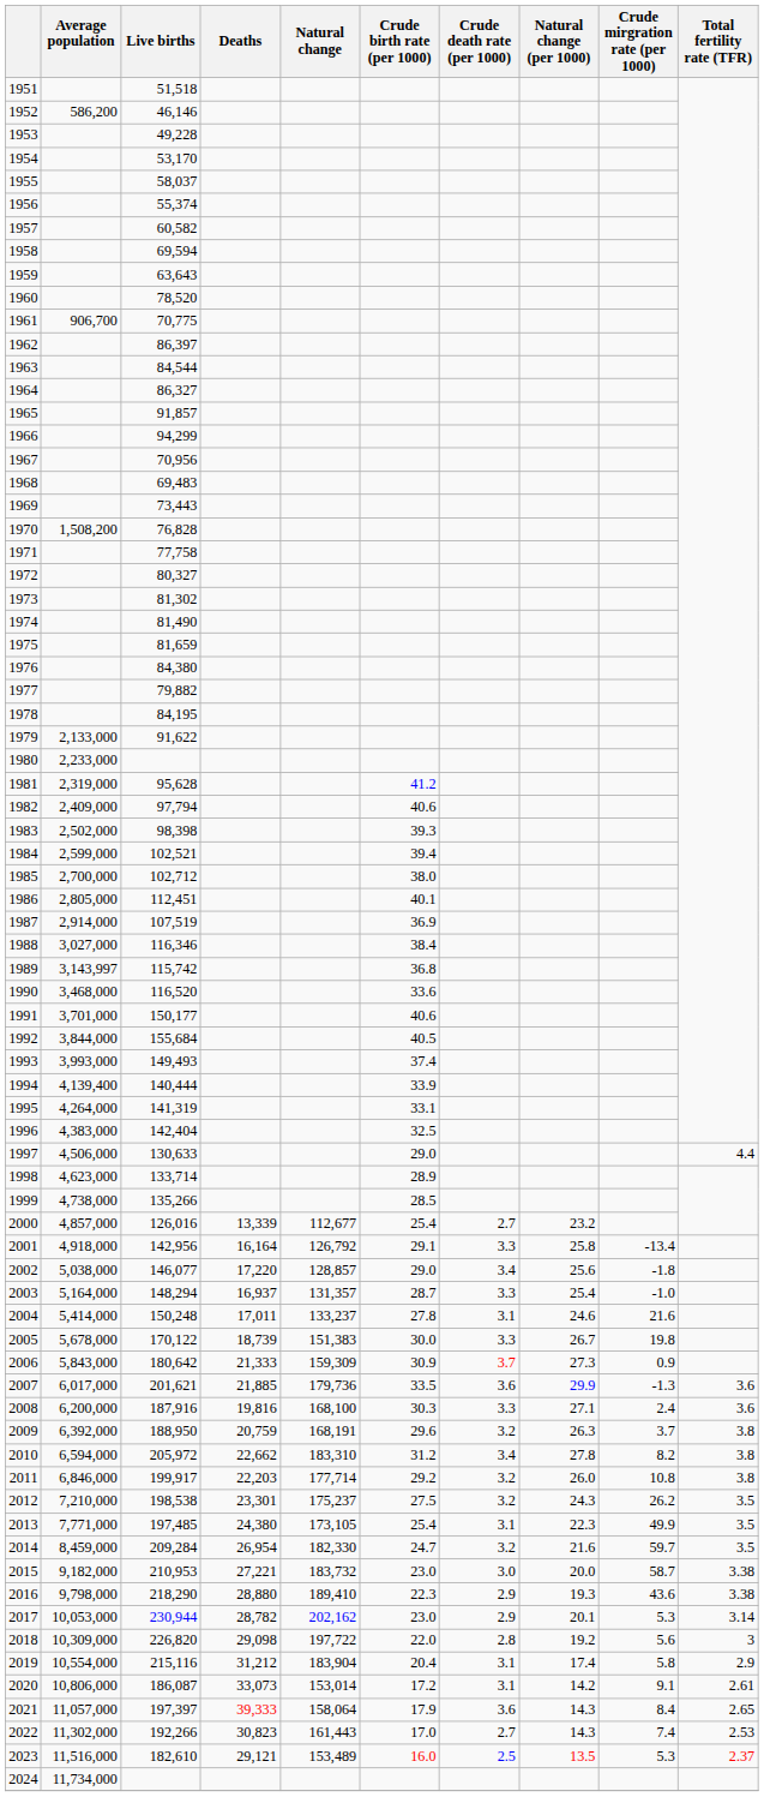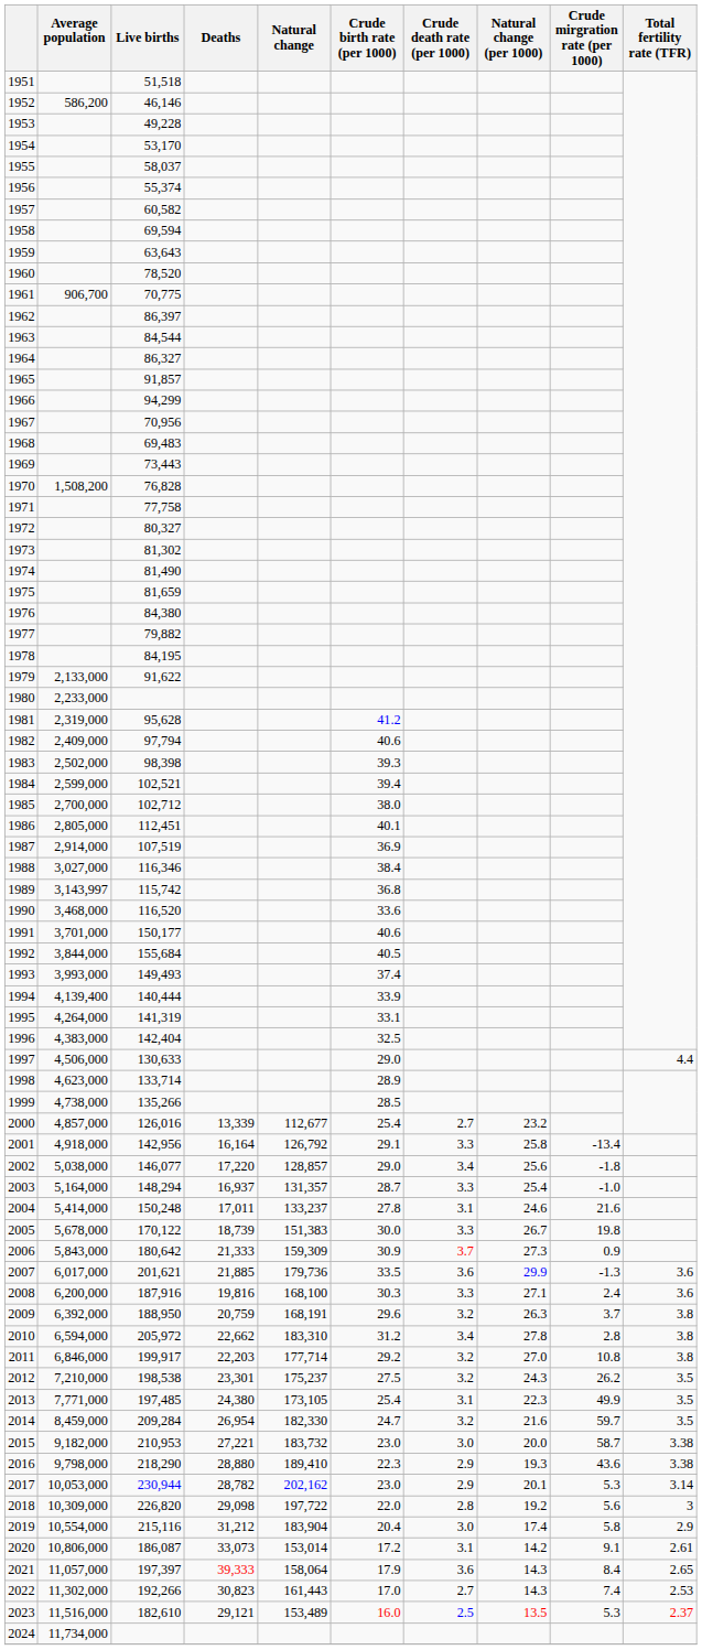 <table class="wikitable sortable" style="text-align:right">
 <tr>
 <th></th>
 <th width="80pt">Average population<br><br></th>
 <th width="80pt">Live births</th>
 <th width="80pt">Deaths</th>
 <th width="80pt">Natural change</th>
 <th width="80pt">Crude birth rate (per 1000)</th>
 <th width="80pt">Crude death rate (per 1000)</th>
 <th width="80pt">Natural change (per 1000)</th>
 <th width="80pt">Crude mirgration rate (per 1000)</th>
 <th width="80pt">Total fertility rate (TFR)</th>
 </tr>
 <tr>
 <td>1951</td>
 <td align="right"></td>
 <td align="right">51,518</td>
 <td align="right"></td>
 <td align="right"></td>
 <td align="right"></td>
 <td align="right"></td>
 <td align="right"></td>
 <td align="right"></td>
 </tr>
 <tr>
 <td>1952</td>
 <td align="right">586,200</td>
 <td align="right">46,146</td>
 <td align="right"></td>
 <td align="right"></td>
 <td align="right"></td>
 <td align="right"></td>
 <td align="right"></td>
 <td align="right"></td>
 </tr>
 <tr>
 <td>1953</td>
 <td align="right"></td>
 <td align="right">49,228</td>
 <td align="right"></td>
 <td align="right"></td>
 <td align="right"></td>
 <td align="right"></td>
 <td align="right"></td>
 <td align="right"></td>
 </tr>
 <tr>
 <td>1954</td>
 <td align="right"></td>
 <td align="right">53,170</td>
 <td align="right"></td>
 <td align="right"></td>
 <td align="right"></td>
 <td align="right"></td>
 <td align="right"></td>
 <td align="right"></td>
 </tr>
 <tr>
 <td>1955</td>
 <td align="right"></td>
 <td align="right">58,037</td>
 <td align="right"></td>
 <td align="right"></td>
 <td align="right"></td>
 <td align="right"></td>
 <td align="right"></td>
 <td align="right"></td>
 </tr>
 <tr>
 <td>1956</td>
 <td align="right"></td>
 <td align="right">55,374</td>
 <td align="right"></td>
 <td align="right"></td>
 <td align="right"></td>
 <td align="right"></td>
 <td align="right"></td>
 <td align="right"></td>
 </tr>
 <tr>
 <td>1957</td>
 <td align="right"></td>
 <td align="right">60,582</td>
 <td align="right"></td>
 <td align="right"></td>
 <td align="right"></td>
 <td align="right"></td>
 <td align="right"></td>
 <td align="right"></td>
 </tr>
 <tr>
 <td>1958</td>
 <td align="right"></td>
 <td align="right">69,594</td>
 <td align="right"></td>
 <td align="right"></td>
 <td align="right"></td>
 <td align="right"></td>
 <td align="right"></td>
 <td align="right"></td>
 </tr>
 <tr>
 <td>1959</td>
 <td align="right"></td>
 <td align="right">63,643</td>
 <td align="right"></td>
 <td align="right"></td>
 <td align="right"></td>
 <td align="right"></td>
 <td align="right"></td>
 <td align="right"></td>
 </tr>
 <tr>
 <td>1960</td>
 <td align="right"></td>
 <td align="right">78,520</td>
 <td align="right"></td>
 <td align="right"></td>
 <td align="right"></td>
 <td align="right"></td>
 <td align="right"></td>
 <td align="right"></td>
 </tr>
 <tr>
 <td>1961</td>
 <td align="right">906,700</td>
 <td align="right">70,775</td>
 <td align="right"></td>
 <td align="right"></td>
 <td align="right"></td>
 <td align="right"></td>
 <td align="right"></td>
 <td align="right"></td>
 </tr>
 <tr>
 <td>1962</td>
 <td align="right"></td>
 <td align="right">86,397</td>
 <td align="right"></td>
 <td align="right"></td>
 <td align="right"></td>
 <td align="right"></td>
 <td align="right"></td>
 <td align="right"></td>
 </tr>
 <tr>
 <td>1963</td>
 <td align="right"></td>
 <td align="right">84,544</td>
 <td align="right"></td>
 <td align="right"></td>
 <td align="right"></td>
 <td align="right"></td>
 <td align="right"></td>
 <td align="right"></td>
 </tr>
 <tr>
 <td>1964</td>
 <td align="right"></td>
 <td align="right">86,327</td>
 <td align="right"></td>
 <td align="right"></td>
 <td align="right"></td>
 <td align="right"></td>
 <td align="right"></td>
 <td align="right"></td>
 </tr>
 <tr>
 <td>1965</td>
 <td align="right"></td>
 <td align="right">91,857</td>
 <td align="right"></td>
 <td align="right"></td>
 <td align="right"></td>
 <td align="right"></td>
 <td align="right"></td>
 <td align="right"></td>
 </tr>
 <tr>
 <td>1966</td>
 <td align="right"></td>
 <td align="right">94,299</td>
 <td align="right"></td>
 <td align="right"></td>
 <td align="right"></td>
 <td align="right"></td>
 <td align="right"></td>
 <td align="right"></td>
 </tr>
 <tr>
 <td>1967</td>
 <td align="right"></td>
 <td align="right">70,956</td>
 <td align="right"></td>
 <td align="right"></td>
 <td align="right"></td>
 <td align="right"></td>
 <td align="right"></td>
 <td align="right"></td>
 </tr>
 <tr>
 <td>1968</td>
 <td align="right"></td>
 <td align="right">69,483</td>
 <td align="right"></td>
 <td align="right"></td>
 <td align="right"></td>
 <td align="right"></td>
 <td align="right"></td>
 <td align="right"></td>
 </tr>
 <tr>
 <td>1969</td>
 <td align="right"></td>
 <td align="right">73,443</td>
 <td align="right"></td>
 <td align="right"></td>
 <td align="right"></td>
 <td align="right"></td>
 <td align="right"></td>
 <td align="right"></td>
 </tr>
 <tr>
 <td>1970</td>
 <td align="right">1,508,200</td>
 <td align="right">76,828</td>
 <td align="right"></td>
 <td align="right"></td>
 <td align="right"></td>
 <td align="right"></td>
 <td align="right"></td>
 <td align="right"></td>
 </tr>
 <tr>
 <td>1971</td>
 <td align="right"></td>
 <td align="right">77,758</td>
 <td align="right"></td>
 <td align="right"></td>
 <td align="right"></td>
 <td align="right"></td>
 <td align="right"></td>
 <td align="right"></td>
 </tr>
 <tr>
 <td>1972</td>
 <td align="right"></td>
 <td align="right">80,327</td>
 <td align="right"></td>
 <td align="right"></td>
 <td align="right"></td>
 <td align="right"></td>
 <td align="right"></td>
 <td align="right"></td>
 </tr>
 <tr>
 <td>1973</td>
 <td align="right"></td>
 <td align="right">81,302</td>
 <td align="right"></td>
 <td align="right"></td>
 <td align="right"></td>
 <td align="right"></td>
 <td align="right"></td>
 <td align="right"></td>
 </tr>
 <tr>
 <td>1974</td>
 <td align="right"></td>
 <td align="right">81,490</td>
 <td align="right"></td>
 <td align="right"></td>
 <td align="right"></td>
 <td align="right"></td>
 <td align="right"></td>
 <td align="right"></td>
 </tr>
 <tr>
 <td>1975</td>
 <td align="right"></td>
 <td align="right">81,659</td>
 <td align="right"></td>
 <td align="right"></td>
 <td align="right"></td>
 <td align="right"></td>
 <td align="right"></td>
 <td align="right"></td>
 </tr>
 <tr>
 <td>1976</td>
 <td align="right"></td>
 <td align="right">84,380</td>
 <td align="right"></td>
 <td align="right"></td>
 <td align="right"></td>
 <td align="right"></td>
 <td align="right"></td>
 <td align="right"></td>
 </tr>
 <tr>
 <td>1977</td>
 <td align="right"></td>
 <td align="right">79,882</td>
 <td align="right"></td>
 <td align="right"></td>
 <td align="right"></td>
 <td align="right"></td>
 <td align="right"></td>
 <td align="right"></td>
 </tr>
 <tr>
 <td>1978</td>
 <td align="right"></td>
 <td align="right">84,195</td>
 <td align="right"></td>
 <td align="right"></td>
 <td align="right"></td>
 <td align="right"></td>
 <td align="right"></td>
 <td align="right"></td>
 </tr>
 <tr>
 <td>1979</td>
 <td align="right">2,133,000</td>
 <td align="right">91,622</td>
 <td align="right"></td>
 <td align="right"></td>
 <td align="right"></td>
 <td align="right"></td>
 <td align="right"></td>
 <td align="right"></td>
 </tr>
 <tr>
 <td>1980</td>
 <td align="right">2,233,000</td>
 <td align="right"></td>
 <td align="right"></td>
 <td align="right"></td>
 <td align="right"></td>
 <td align="right"></td>
 <td align="right"></td>
 <td align="right"></td>
 </tr>
 <tr>
 <td>1981</td>
 <td align="right">2,319,000</td>
 <td align="right">95,628</td>
 <td align="right"></td>
 <td align="right"></td>
 <td style="color:blue;">41.2</td>
 <td align="right"></td>
 <td align="right"></td>
 <td align="right"></td>
 </tr>
 <tr>
 <td>1982</td>
 <td align="right">2,409,000</td>
 <td align="right">97,794</td>
 <td align="right"></td>
 <td align="right"></td>
 <td align="right">40.6</td>
 <td align="right"></td>
 <td align="right"></td>
 <td align="right"></td>
 </tr>
 <tr>
 <td>1983</td>
 <td align="right">2,502,000</td>
 <td align="right">98,398</td>
 <td align="right"></td>
 <td align="right"></td>
 <td align="right">39.3</td>
 <td align="right"></td>
 <td align="right"></td>
 <td align="right"></td>
 </tr>
 <tr>
 <td>1984</td>
 <td align="right">2,599,000</td>
 <td align="right">102,521</td>
 <td align="right"></td>
 <td align="right"></td>
 <td align="right">39.4</td>
 <td align="right"></td>
 <td align="right"></td>
 <td align="right"></td>
 </tr>
 <tr>
 <td>1985</td>
 <td align="right">2,700,000</td>
 <td align="right">102,712</td>
 <td align="right"></td>
 <td align="right"></td>
 <td align="right">38.0</td>
 <td align="right"></td>
 <td align="right"></td>
 <td align="right"></td>
 </tr>
 <tr>
 <td>1986</td>
 <td align="right">2,805,000</td>
 <td align="right">112,451</td>
 <td align="right"></td>
 <td align="right"></td>
 <td align="right">40.1</td>
 <td align="right"></td>
 <td align="right"></td>
 <td align="right"></td>
 </tr>
 <tr>
 <td>1987</td>
 <td align="right">2,914,000</td>
 <td align="right">107,519</td>
 <td align="right"></td>
 <td align="right"></td>
 <td align="right">36.9</td>
 <td align="right"></td>
 <td align="right"></td>
 <td align="right"></td>
 </tr>
 <tr>
 <td>1988</td>
 <td align="right">3,027,000</td>
 <td align="right">116,346</td>
 <td align="right"></td>
 <td align="right"></td>
 <td align="right">38.4</td>
 <td align="right"></td>
 <td align="right"></td>
 <td align="right"></td>
 </tr>
 <tr>
 <td>1989</td>
 <td align="right">3,143,997</td>
 <td align="right">115,742</td>
 <td align="right"></td>
 <td align="right"></td>
 <td align="right">36.8</td>
 <td align="right"></td>
 <td align="right"></td>
 <td align="right"></td>
 </tr>
 <tr>
 <td>1990</td>
 <td align="right">3,468,000</td>
 <td align="right">116,520</td>
 <td align="right"></td>
 <td align="right"></td>
 <td align="right">33.6</td>
 <td align="right"></td>
 <td align="right"></td>
 <td align="right"></td>
 </tr>
 <tr>
 <td>1991</td>
 <td align="right">3,701,000</td>
 <td align="right">150,177</td>
 <td align="right"></td>
 <td align="right"></td>
 <td align="right">40.6</td>
 <td align="right"></td>
 <td align="right"></td>
 <td align="right"></td>
 </tr>
 <tr>
 <td>1992</td>
 <td align="right">3,844,000</td>
 <td align="right">155,684</td>
 <td align="right"></td>
 <td align="right"></td>
 <td align="right">40.5</td>
 <td align="right"></td>
 <td align="right"></td>
 <td align="right"></td>
 </tr>
 <tr>
 <td>1993</td>
 <td align="right">3,993,000</td>
 <td align="right">149,493</td>
 <td align="right"></td>
 <td align="right"></td>
 <td align="right">37.4</td>
 <td align="right"></td>
 <td align="right"></td>
 <td align="right"></td>
 </tr>
 <tr>
 <td>1994</td>
 <td align="right">4,139,400</td>
 <td align="right">140,444</td>
 <td align="right"></td>
 <td align="right"></td>
 <td align="right">33.9</td>
 <td align="right"></td>
 <td align="right"></td>
 <td align="right"></td>
 </tr>
 <tr>
 <td>1995</td>
 <td align="right">4,264,000</td>
 <td align="right">141,319</td>
 <td align="right"></td>
 <td align="right"></td>
 <td align="right">33.1</td>
 <td align="right"></td>
 <td align="right"></td>
 <td align="right"></td>
 </tr>
 <tr>
 <td>1996</td>
 <td align="right">4,383,000</td>
 <td align="right">142,404</td>
 <td align="right"></td>
 <td align="right"></td>
 <td align="right">32.5</td>
 <td align="right"></td>
 <td align="right"></td>
 <td align="right"></td>
 </tr>
 <tr>
 <td>1997</td>
 <td align="right">4,506,000</td>
 <td align="right">130,633</td>
 <td align="right"></td>
 <td align="right"></td>
 <td align="right">29.0</td>
 <td align="right"></td>
 <td align="right"></td>
 <td></td>
 <td align="right">4.4</td>
 </tr>
 <tr>
 <td>1998</td>
 <td align="right">4,623,000</td>
 <td align="right">133,714</td>
 <td align="right"></td>
 <td align="right"></td>
 <td align="right">28.9</td>
 <td align="right"></td>
 <td align="right"></td>
 <td align="right"></td>
 </tr>
 <tr>
 <td>1999</td>
 <td align="right">4,738,000</td>
 <td align="right">135,266</td>
 <td align="right"></td>
 <td align="right"></td>
 <td align="right">28.5</td>
 <td align="right"></td>
 <td align="right"></td>
 <td align="right"></td>
 </tr>
 <tr>
 <td>2000</td>
 <td align="right">4,857,000</td>
 <td align="right">126,016</td>
 <td align="right">13,339</td>
 <td align="right">112,677</td>
 <td align="right">25.4</td>
 <td align="right">2.7</td>
 <td align="right">23.2</td>
 <td align="right"></td>
 </tr>
 <tr>
 <td>2001</td>
 <td align="right">4,918,000</td>
 <td align="right">142,956</td>
 <td align="right">16,164</td>
 <td align="right">126,792</td>
 <td align="right">29.1</td>
 <td align="right">3.3</td>
 <td align="right">25.8</td>
 <td>-13.4</td>
 <td align="right"></td>
 </tr>
 <tr>
 <td>2002</td>
 <td align="right">5,038,000</td>
 <td align="right">146,077</td>
 <td align="right">17,220</td>
 <td align="right">128,857</td>
 <td align="right">29.0</td>
 <td align="right">3.4</td>
 <td align="right">25.6</td>
 <td>-1.8</td>
 <td align="right"></td>
 </tr>
 <tr>
 <td>2003</td>
 <td align="right">5,164,000</td>
 <td align="right">148,294</td>
 <td align="right">16,937</td>
 <td align="right">131,357</td>
 <td align="right">28.7</td>
 <td align="right">3.3</td>
 <td align="right">25.4</td>
 <td>-1.0</td>
 <td align="right"></td>
 </tr>
 <tr>
 <td>2004</td>
 <td align="right">5,414,000</td>
 <td align="right">150,248</td>
 <td align="right">17,011</td>
 <td align="right">133,237</td>
 <td align="right">27.8</td>
 <td align="right">3.1</td>
 <td align="right">24.6</td>
 <td>21.6</td>
 <td align="right"></td>
 </tr>
 <tr>
 <td>2005</td>
 <td align="right">5,678,000</td>
 <td align="right">170,122</td>
 <td align="right">18,739</td>
 <td align="right">151,383</td>
 <td align="right">30.0</td>
 <td align="right">3.3</td>
 <td align="right">26.7</td>
 <td>19.8</td>
 <td align="right"></td>
 </tr>
 <tr>
 <td>2006</td>
 <td align="right">5,843,000</td>
 <td align="right">180,642</td>
 <td align="right">21,333</td>
 <td align="right">159,309</td>
 <td align="right">30.9</td>
 <td style="color:red">3.7</td>
 <td align="right">27.3</td>
 <td>0.9</td>
 <td align="right"></td>
 </tr>
 <tr>
 <td>2007</td>
 <td align="right">6,017,000</td>
 <td align="right">201,621</td>
 <td align="right">21,885</td>
 <td align="right">179,736</td>
 <td align="right">33.5</td>
 <td align="right">3.6</td>
 <td style="color:blue">29.9</td>
 <td>-1.3</td>
 <td align="right">3.6</td>
 </tr>
 <tr>
 <td>2008</td>
 <td align="right">6,200,000</td>
 <td align="right">187,916</td>
 <td align="right">19,816</td>
 <td align="right">168,100</td>
 <td align="right">30.3</td>
 <td align="right">3.3</td>
 <td align="right">27.1</td>
 <td>2.4</td>
 <td align="right">3.6</td>
 </tr>
 <tr>
 <td>2009</td>
 <td align="right">6,392,000</td>
 <td align="right">188,950</td>
 <td align="right">20,759</td>
 <td align="right">168,191</td>
 <td align="right">29.6</td>
 <td align="right">3.2</td>
 <td align="right">26.3</td>
 <td>3.7</td>
 <td align="right">3.8</td>
 </tr>
 <tr>
 <td>2010</td>
 <td align="right">6,594,000</td>
 <td align="right">205,972</td>
 <td align="right">22,662</td>
 <td align="right">183,310</td>
 <td align="right">31.2</td>
 <td align="right">3.4</td>
 <td align="right">27.8</td>
-<td>8.2</td>
+<td>2.8</td>
 <td align="right">3.8</td>
 </tr>
 <tr>
 <td>2011</td>
 <td align="right">6,846,000</td>
 <td align="right">199,917</td>
 <td align="right">22,203</td>
 <td align="right">177,714</td>
 <td align="right">29.2</td>
 <td align="right">3.2</td>
-<td align="right">26.0</td>
+<td align="right">27.0</td>
 <td>10.8</td>
 <td align="right">3.8</td>
 </tr>
 <tr>
 <td>2012</td>
 <td align="right">7,210,000</td>
 <td align="right">198,538</td>
 <td align="right">23,301</td>
 <td align="right">175,237</td>
 <td align="right">27.5</td>
 <td align="right">3.2</td>
 <td align="right">24.3</td>
 <td>26.2</td>
 <td align="right">3.5</td>
 </tr>
 <tr>
 <td>2013</td>
 <td align="right">7,771,000</td>
 <td align="right">197,485</td>
 <td align="right">24,380</td>
 <td align="right">173,105</td>
 <td align="right">25.4</td>
 <td align="right">3.1</td>
 <td align="right">22.3</td>
 <td>49.9</td>
 <td align="right">3.5</td>
 </tr>
 <tr>
 <td>2014</td>
 <td align="right">8,459,000</td>
 <td align="right">209,284</td>
 <td align="right">26,954</td>
 <td align="right">182,330</td>
 <td align="right">24.7</td>
 <td align="right">3.2</td>
 <td align="right">21.6</td>
 <td>59.7</td>
 <td align="right">3.5</td>
 </tr>
 <tr>
 <td>2015</td>
 <td align="right">9,182,000</td>
 <td align="right">210,953</td>
 <td align="right">27,221</td>
 <td align="right">183,732</td>
 <td align="right">23.0</td>
 <td align="right">3.0</td>
 <td align="right">20.0</td>
 <td>58.7</td>
 <td align="right">3.38</td>
 </tr>
 <tr>
 <td>2016</td>
 <td align="right">9,798,000</td>
 <td align="right">218,290</td>
 <td align="right">28,880</td>
 <td align="right">189,410</td>
 <td align="right">22.3</td>
 <td align="right">2.9</td>
 <td align="right">19.3</td>
 <td>43.6</td>
 <td align="right">3.38</td>
 </tr>
 <tr>
 <td>2017</td>
 <td align="right">10,053,000</td>
 <td style="color:blue">230,944</td>
 <td align="right">28,782</td>
 <td style="color:blue">202,162</td>
 <td align="right">23.0</td>
 <td align="right">2.9</td>
 <td align="right">20.1</td>
 <td>5.3</td>
 <td align="right">3.14</td>
 </tr>
 <tr>
 <td>2018</td>
 <td align="right">10,309,000</td>
 <td align="right">226,820</td>
 <td align="right">29,098</td>
 <td align="right">197,722</td>
 <td align="right">22.0</td>
 <td align="right">2.8</td>
 <td align="right">19.2</td>
 <td>5.6</td>
 <td align="right">3</td>
 </tr>
 <tr>
 <td>2019</td>
 <td align="right">10,554,000</td>
 <td align="right">215,116</td>
 <td align="right">31,212</td>
 <td align="right">183,904</td>
 <td align="right">20.4</td>
-<td align="right">3.1</td>
+<td align="right">3.0</td>
 <td align="right">17.4</td>
 <td>5.8</td>
 <td align="right">2.9</td>
 </tr>
 <tr>
 <td>2020</td>
 <td align="right">10,806,000</td>
 <td align="right">186,087</td>
 <td align="right">33,073</td>
 <td align="right">153,014</td>
 <td align="right">17.2</td>
 <td align="right">3.1</td>
 <td align="right">14.2</td>
 <td>9.1</td>
 <td align="right">2.61</td>
 </tr>
 <tr>
 <td>2021</td>
 <td>11,057,000</td>
 <td>197,397</td>
 <td style="color:red">39,333</td>
 <td>158,064</td>
 <td>17.9</td>
 <td>3.6</td>
 <td>14.3</td>
 <td>8.4</td>
 <td>2.65</td>
 </tr>
 <tr>
 <td>2022</td>
 <td>11,302,000</td>
 <td>192,266</td>
 <td>30,823</td>
 <td>161,443</td>
 <td>17.0</td>
 <td>2.7</td>
 <td>14.3</td>
 <td>7.4</td>
 <td>2.53</td>
 </tr>
 <tr>
 <td>2023</td>
 <td>11,516,000</td>
 <td>182,610</td>
 <td>29,121</td>
 <td>153,489</td>
 <td style="color:red">16.0</td>
 <td style="color:blue">2.5</td>
 <td style="color:red">13.5</td>
 <td>5.3</td>
 <td style="color:red">2.37</td>
 </tr>
 <tr>
 <td>2024</td>
 <td>11,734,000</td>
 <td></td>
 <td></td>
 <td></td>
 <td style="color:red"></td>
 <td style="color:blue"></td>
 <td style="color:red"></td>
 <td></td>
 <td style="color:red"></td>
 </tr>
 <tr>
 </tr>
 </table>
